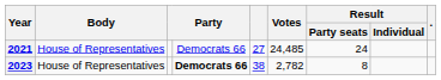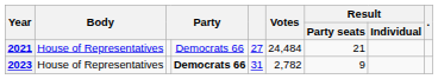 <table class="wikitable plainrowheaders sortable" border=2 cellpadding=4 cellspacing=0 style="border: 1px #aaa solid; font-size: 90%; text-align:center;">
 <tr>
 <th scope="col" rowspan=2>Year</th>
 <th scope="col" rowspan=2>Body</th>
 <th scope="col" colspan=2 rowspan=2>Party</th>
 <th scope="col" rowspan=2></th>
 <th scope="col" rowspan=2>Votes</th>
 <th scope="colgroup" colspan=2>Result</th>
 <th scope="col" rowspan=2 class="unsortable">.</th>
 </tr>
 <tr>
 <th scope="col">Party seats</th>
 <th scope="col">Individual</th>
 </tr>
 <tr>
 <th scope="row"><a href='#'>2021</a></th>
 <td><a href='#'>House of Representatives</a></td>
 <td style="background-color:"></td>
 <td><a href='#'>Democrats 66</a></td>
 <td style=text-align:right><a href='#'>27</a></td>
-<td style=text-align:right>24,485</td>
-<td style=text-align:right>24</td>
+<td style=text-align:right>24,484</td>
+<td style=text-align:right>21</td>
 <td></td>
 <td></td>
 </tr>
 <tr>
 <th scope="row"><a href='#'>2023</a></th>
 <td>House of Representatives</td>
 <td style="background-color:"></td>
 <td><strong>Democrats 66</strong></td>
-<td style=text-align:right><a href='#'>38</a></td>
+<td style=text-align:right><a href='#'>31</a></td>
 <td style=text-align:right>2,782</td>
-<td style=text-align:right>8</td>
+<td style=text-align:right>9</td>
 <td></td>
 <td></td>
 </tr>
 </table>
